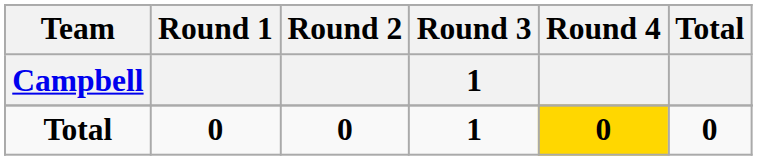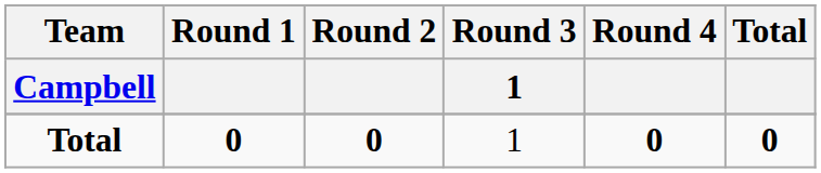 <table class="wikitable sortable" style="text-align:center;">
 <tr>
 <th>Team</th>
 <th>Round 1</th>
 <th>Round 2</th>
 <th>Round 3</th>
 <th>Round 4</th>
 <th>Total</th>
 </tr>
 <tr>
 <th><a href='#'>Campbell</a></th>
 <th></th>
 <th></th>
 <th>1</th>
 <th></th>
 <th></th>
 </tr>
 <tr>
 </tr>
 <tr>
 <td><strong>Total</strong></td>
 <td><strong>0</strong></td>
 <td><strong>0</strong></td>
-<td><strong>1</strong></td>
-<td style="background: gold;"><strong>0</strong></td>
+<td>1</td>
+<td><strong>0</strong></td>
 <td><strong>0</strong></td>
 </tr>
 </table>
